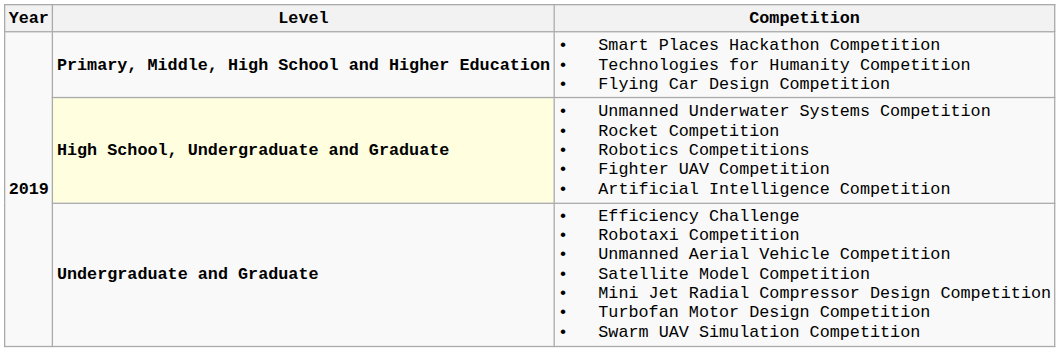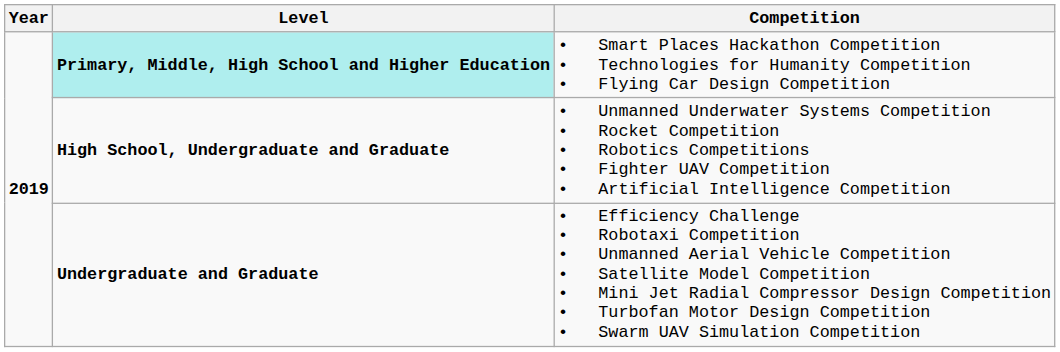 <table class="wikitable">
 <tr>
 <th>Year</th>
 <th>Level</th>
 <th>Competition</th>
 </tr>
 <tr>
 <td rowspan="3"><strong>2019</strong></td>
-<td><strong>Primary, Middle, High School and Higher Education</strong></td>
+<td style="background: paleturquoise;"><strong>Primary, Middle, High School and Higher Education</strong></td>
 <td>•    Smart Places Hackathon Competition<br>•    Technologies for Humanity Competition<br>•    Flying Car Design Competition</td>
 </tr>
 <tr>
-<td style="background: lightyellow;"><strong>High School, Undergraduate and Graduate</strong></td>
+<td><strong>High School, Undergraduate and Graduate</strong></td>
 <td>•    Unmanned Underwater Systems Competition<br>•    Rocket Competition<br>•    Robotics Competitions<br>•    Fighter UAV Competition<br>•    Artificial Intelligence Competition</td>
 </tr>
 <tr>
 <td><strong>Undergraduate and Graduate</strong></td>
 <td>•    Efficiency Challenge<br>•    Robotaxi Competition<br>•    Unmanned Aerial Vehicle Competition<br>•    Satellite Model Competition<br>•    Mini Jet Radial Compressor Design Competition<br>•    Turbofan Motor Design Competition<br>•    Swarm UAV Simulation Competition</td>
 </tr>
 </table>
